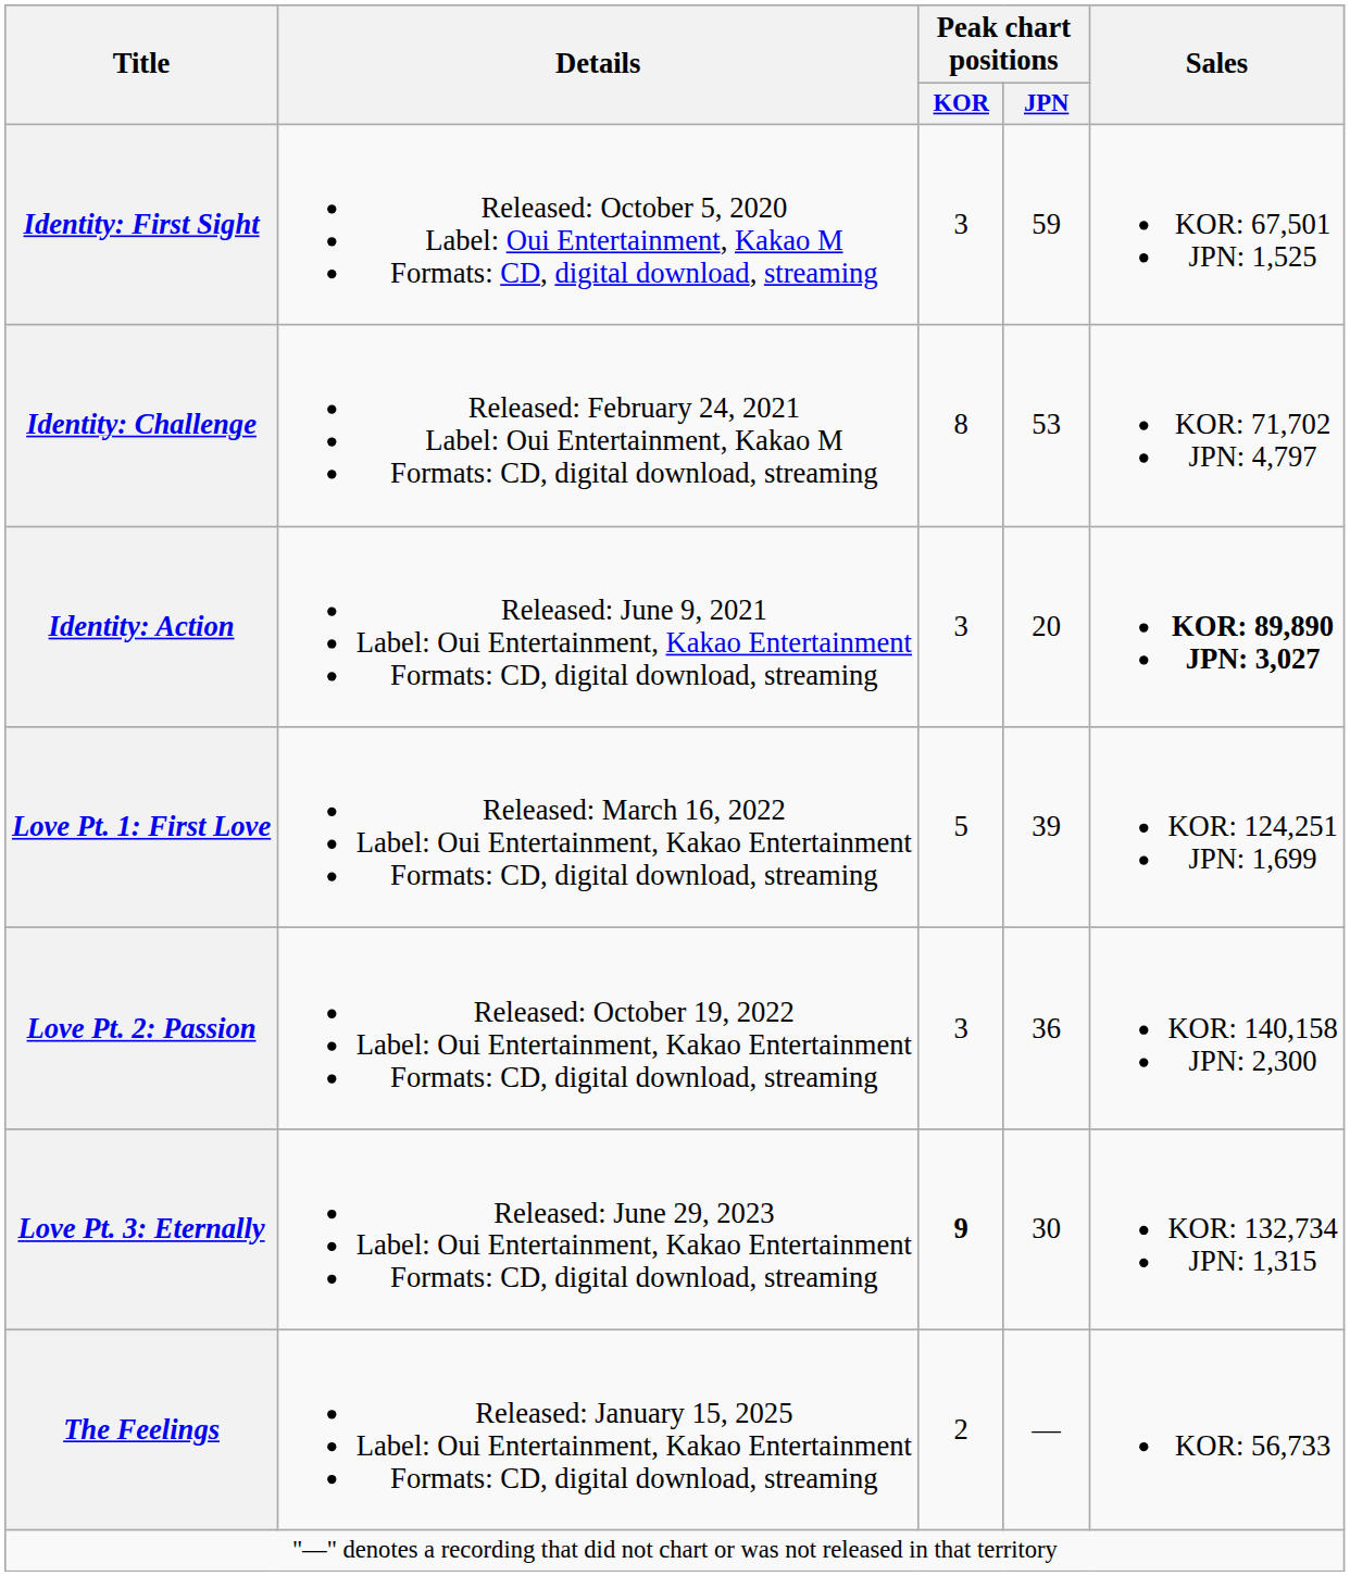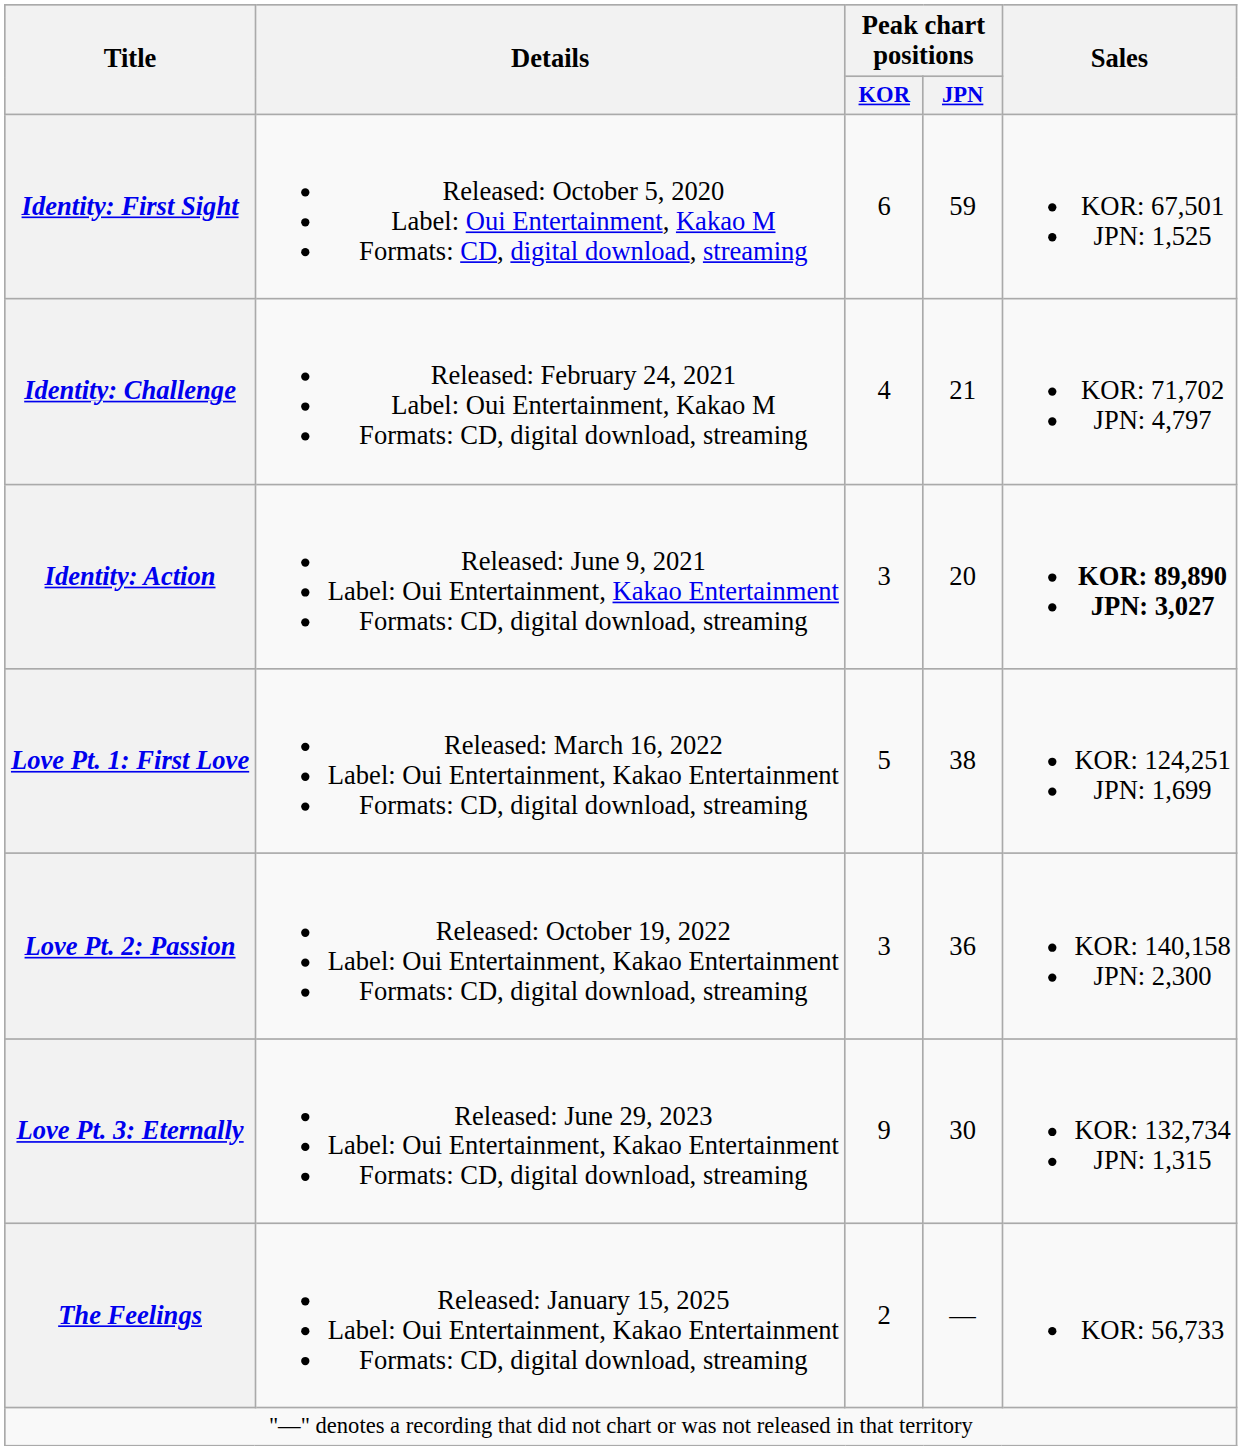 <table class="wikitable plainrowheaders" style="text-align:center">
 <tr>
 <th scope="col" rowspan="2">Title</th>
 <th scope="col" rowspan="2">Details</th>
 <th scope="col" colspan="2">Peak chart positions</th>
 <th scope="col" rowspan="2">Sales</th>
 </tr>
 <tr>
 <th scope="col" style="width:3em;font-size:85%;"><a href='#'>KOR</a><br></th>
 <th scope="col" style="width:3em;font-size:85%;"><a href='#'>JPN</a><br></th>
 </tr>
 <tr>
 <th scope="row"><em><a href='#'>Identity: First Sight</a></em></th>
 <td><br><ul><li>Released: October 5, 2020</li><li>Label: <a href='#'>Oui Entertainment</a>, <a href='#'>Kakao M</a></li><li>Formats: <a href='#'>CD</a>, <a href='#'>digital download</a>, <a href='#'>streaming</a></li></ul></td>
-<td>3</td>
+<td>6</td>
 <td>59</td>
 <td><br><ul><li>KOR: 67,501</li><li>JPN: 1,525</li></ul></td>
 </tr>
 <tr>
 <th scope="row"><em><a href='#'>Identity: Challenge</a></em></th>
 <td><br><ul><li>Released: February 24, 2021</li><li>Label: Oui Entertainment, Kakao M</li><li>Formats: CD, digital download, streaming</li></ul></td>
-<td>8</td>
-<td>53</td>
+<td>4</td>
+<td>21</td>
 <td><br><ul><li>KOR: 71,702</li><li>JPN: 4,797</li></ul></td>
 </tr>
 <tr>
 <th scope="row"><em><a href='#'>Identity: Action</a></em></th>
 <td><br><ul><li>Released: June 9, 2021</li><li>Label: Oui Entertainment, <a href='#'>Kakao Entertainment</a></li><li>Formats: CD, digital download, streaming</li></ul></td>
 <td>3</td>
 <td>20</td>
 <td><strong><br><ul><li>KOR: 89,890</li><li>JPN: 3,027</li></ul></strong></td>
 </tr>
 <tr>
 <th scope="row"><em><a href='#'>Love Pt. 1: First Love</a></em></th>
 <td><br><ul><li>Released: March 16, 2022</li><li>Label: Oui Entertainment, Kakao Entertainment</li><li>Formats: CD, digital download, streaming</li></ul></td>
 <td>5</td>
-<td>39</td>
+<td>38</td>
 <td><br><ul><li>KOR: 124,251</li><li>JPN: 1,699</li></ul></td>
 </tr>
 <tr>
 <th scope="row"><em><a href='#'>Love Pt. 2: Passion</a></em></th>
 <td><br><ul><li>Released: October 19, 2022</li><li>Label: Oui Entertainment, Kakao Entertainment</li><li>Formats: CD, digital download, streaming</li></ul></td>
 <td>3</td>
 <td>36</td>
 <td><br><ul><li>KOR: 140,158</li><li>JPN: 2,300</li></ul></td>
 </tr>
 <tr>
 <th scope="row"><em><a href='#'>Love Pt. 3: Eternally</a></em></th>
 <td><br><ul><li>Released: June 29, 2023</li><li>Label: Oui Entertainment, Kakao Entertainment</li><li>Formats: CD, digital download, streaming</li></ul></td>
-<td><strong>9</strong></td>
+<td>9</td>
 <td>30</td>
 <td><br><ul><li>KOR: 132,734</li><li>JPN: 1,315</li></ul></td>
 </tr>
 <tr>
 <th scope="row"><em><a href='#'>The Feelings</a></em></th>
 <td><br><ul><li>Released: January 15, 2025</li><li>Label: Oui Entertainment, Kakao Entertainment</li><li>Formats: CD, digital download, streaming</li></ul></td>
 <td>2</td>
 <td>—</td>
 <td><br><ul><li>KOR: 56,733</li></ul></td>
 </tr>
 <tr>
 <td colspan="6" style="font-size:85%">"—" denotes a recording that did not chart or was not released in that territory</td>
 </tr>
 </table>
